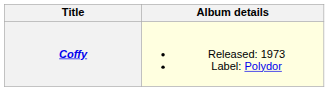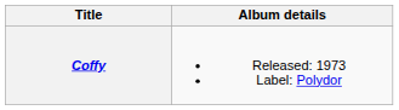 <table class="wikitable plainrowheaders" style="text-align:center;">
 <tr>
 <th scope="col" style="width:12em;">Title</th>
 <th scope="col" style="width:16em;">Album details</th>
 </tr>
 <tr>
 <th scope="row"><em><a href='#'>Coffy</a></em></th>
-<td style="background: lightyellow;"><br><ul><li>Released: 1973</li><li>Label: <a href='#'>Polydor</a></li></ul></td>
+<td><br><ul><li>Released: 1973</li><li>Label: <a href='#'>Polydor</a></li></ul></td>
 </tr>
 </table>
